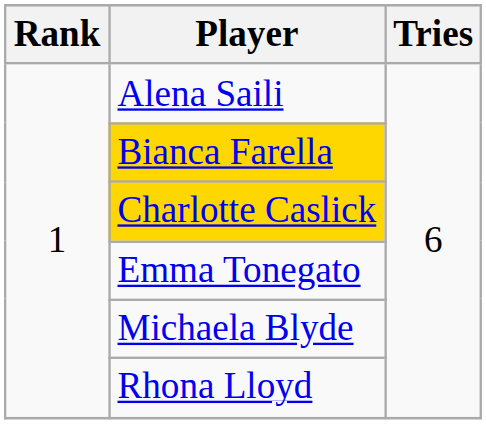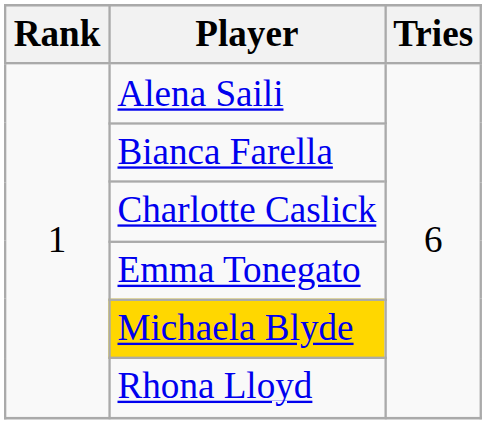 <table class="wikitable sortable">
 <tr>
 </tr>
 <tr>
 <th>Rank</th>
 <th>Player</th>
 <th>Tries</th>
 </tr>
 <tr>
 <td align=center rowspan=6>1</td>
 <td> <a href='#'>Alena Saili</a></td>
 <td align=center rowspan=6>6</td>
 </tr>
 <tr>
-<td style="background: gold;"> <a href='#'>Bianca Farella</a></td>
+<td> <a href='#'>Bianca Farella</a></td>
 </tr>
 <tr>
-<td style="background: gold;"> <a href='#'>Charlotte Caslick</a></td>
+<td> <a href='#'>Charlotte Caslick</a></td>
 </tr>
 <tr>
 <td> <a href='#'>Emma Tonegato</a></td>
 </tr>
 <tr>
-<td> <a href='#'>Michaela Blyde</a></td>
+<td style="background: gold;"> <a href='#'>Michaela Blyde</a></td>
 </tr>
 <tr>
 <td> <a href='#'>Rhona Lloyd</a></td>
 </tr>
 <tr>
 </tr>
 </table>
